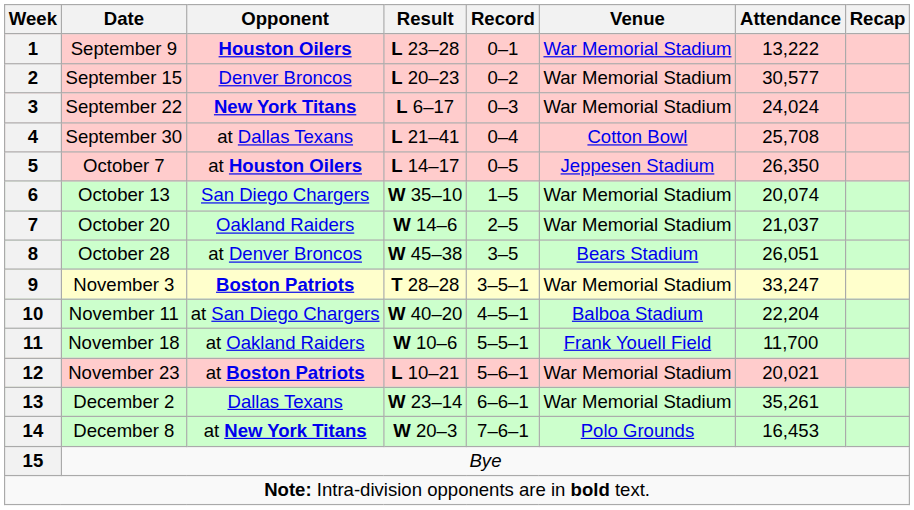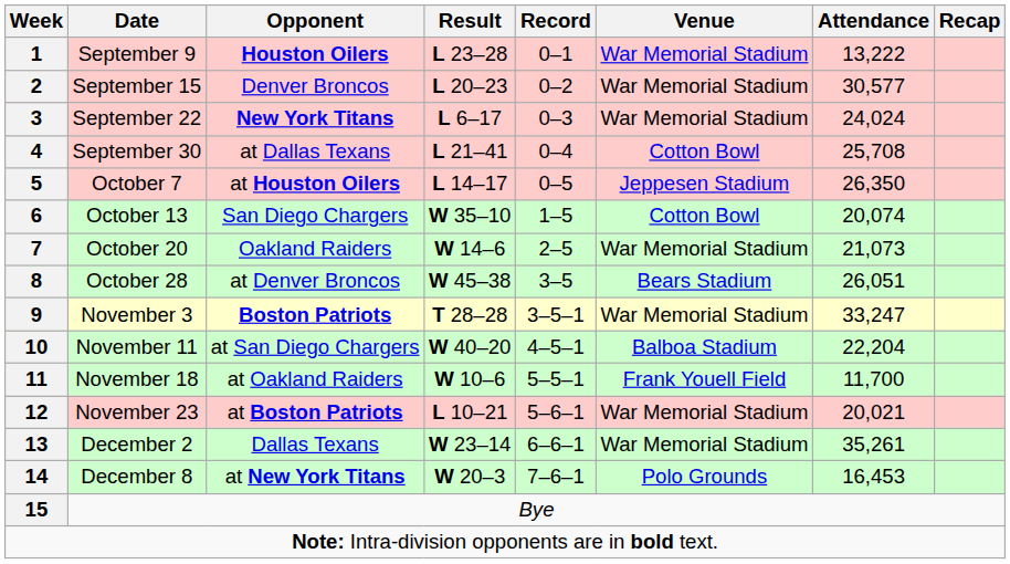 <table class="wikitable" style="text-align:center">
 <tr>
 <th>Week</th>
 <th>Date</th>
 <th>Opponent</th>
 <th>Result</th>
 <th>Record</th>
 <th>Venue</th>
 <th>Attendance</th>
 <th>Recap</th>
 </tr>
 <tr style="background: #fcc;">
 <th>1</th>
 <td>September 9</td>
 <td><strong><a href='#'>Houston Oilers</a></strong></td>
 <td><strong>L</strong> 23–28</td>
 <td>0–1</td>
 <td><a href='#'>War Memorial Stadium</a></td>
 <td>13,222</td>
 <td></td>
 </tr>
 <tr style="background: #fcc;">
 <th>2</th>
 <td>September 15</td>
 <td><a href='#'>Denver Broncos</a></td>
 <td><strong>L</strong> 20–23</td>
 <td>0–2</td>
 <td>War Memorial Stadium</td>
 <td>30,577</td>
 <td></td>
 </tr>
 <tr style="background: #fcc;">
 <th>3</th>
 <td>September 22</td>
 <td><strong><a href='#'>New York Titans</a></strong></td>
 <td><strong>L</strong> 6–17</td>
 <td>0–3</td>
 <td>War Memorial Stadium</td>
 <td>24,024</td>
 <td></td>
 </tr>
 <tr style="background: #fcc;">
 <th>4</th>
 <td>September 30</td>
 <td>at <a href='#'>Dallas Texans</a></td>
 <td><strong>L</strong> 21–41</td>
 <td>0–4</td>
 <td><a href='#'>Cotton Bowl</a></td>
 <td>25,708</td>
 <td></td>
 </tr>
 <tr style="background: #fcc;">
 <th>5</th>
 <td>October 7</td>
 <td>at <strong><a href='#'>Houston Oilers</a></strong></td>
 <td><strong>L</strong> 14–17</td>
 <td>0–5</td>
 <td><a href='#'>Jeppesen Stadium</a></td>
 <td>26,350</td>
 <td></td>
 </tr>
 <tr style="background: #cfc;">
 <th>6</th>
 <td>October 13</td>
 <td><a href='#'>San Diego Chargers</a></td>
 <td><strong>W</strong> 35–10</td>
 <td>1–5</td>
-<td>War Memorial Stadium</td>
+<td><a href='#'>Cotton Bowl</a></td>
 <td>20,074</td>
 <td></td>
 </tr>
 <tr style="background: #cfc;">
 <th>7</th>
 <td>October 20</td>
 <td><a href='#'>Oakland Raiders</a></td>
 <td><strong>W</strong> 14–6</td>
 <td>2–5</td>
 <td>War Memorial Stadium</td>
-<td>21,037</td>
+<td>21,073</td>
 <td></td>
 </tr>
 <tr style="background: #cfc;">
 <th>8</th>
 <td>October 28</td>
 <td>at <a href='#'>Denver Broncos</a></td>
 <td><strong>W</strong> 45–38</td>
 <td>3–5</td>
 <td><a href='#'>Bears Stadium</a></td>
 <td>26,051</td>
 <td></td>
 </tr>
 <tr style="background: #ffc;">
 <th>9</th>
 <td>November 3</td>
 <td><strong><a href='#'>Boston Patriots</a></strong></td>
 <td><strong>T</strong> 28–28</td>
 <td>3–5–1</td>
 <td>War Memorial Stadium</td>
 <td>33,247</td>
 <td></td>
 </tr>
 <tr style="background: #cfc;">
 <th>10</th>
 <td>November 11</td>
 <td>at <a href='#'>San Diego Chargers</a></td>
 <td><strong>W</strong> 40–20</td>
 <td>4–5–1</td>
 <td><a href='#'>Balboa Stadium</a></td>
 <td>22,204</td>
 <td></td>
 </tr>
 <tr style="background: #cfc;">
 <th>11</th>
 <td>November 18</td>
 <td>at <a href='#'>Oakland Raiders</a></td>
 <td><strong>W</strong> 10–6</td>
 <td>5–5–1</td>
 <td><a href='#'>Frank Youell Field</a></td>
 <td>11,700</td>
 <td></td>
 </tr>
 <tr style="background: #fcc;">
 <th>12</th>
 <td>November 23</td>
 <td>at <strong><a href='#'>Boston Patriots</a></strong></td>
 <td><strong>L</strong> 10–21</td>
 <td>5–6–1</td>
 <td>War Memorial Stadium</td>
 <td>20,021</td>
 <td></td>
 </tr>
 <tr style="background: #cfc;">
 <th>13</th>
 <td>December 2</td>
 <td><a href='#'>Dallas Texans</a></td>
 <td><strong>W</strong> 23–14</td>
 <td>6–6–1</td>
 <td>War Memorial Stadium</td>
 <td>35,261</td>
 <td></td>
 </tr>
 <tr style="background: #cfc;">
 <th>14</th>
 <td>December 8</td>
 <td>at <strong><a href='#'>New York Titans</a></strong></td>
 <td><strong>W</strong> 20–3</td>
 <td>7–6–1</td>
 <td><a href='#'>Polo Grounds</a></td>
 <td>16,453</td>
 <td></td>
 </tr>
 <tr>
 <th>15</th>
 <td align=center colspan=7><em>Bye</em></td>
 </tr>
 <tr>
 <td colspan="8"><strong>Note:</strong> Intra-division opponents are in <strong>bold</strong> text.</td>
 </tr>
 </table>
